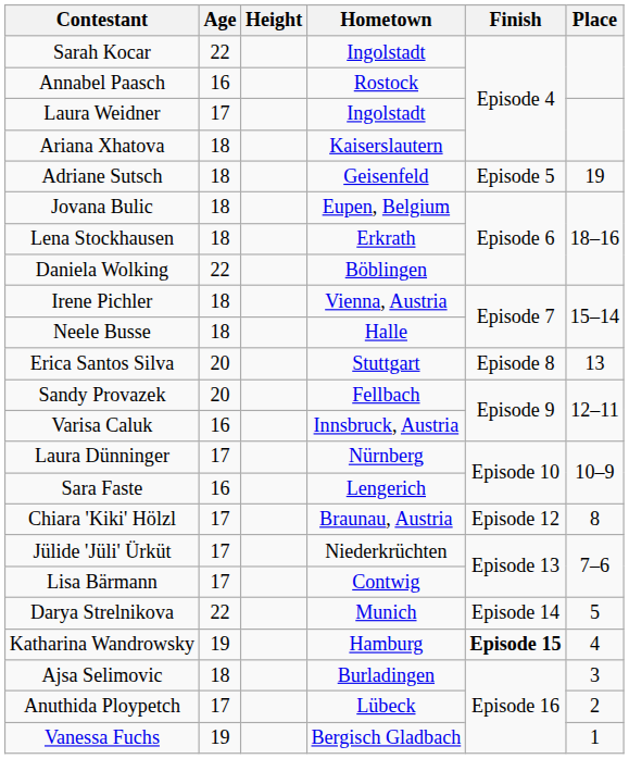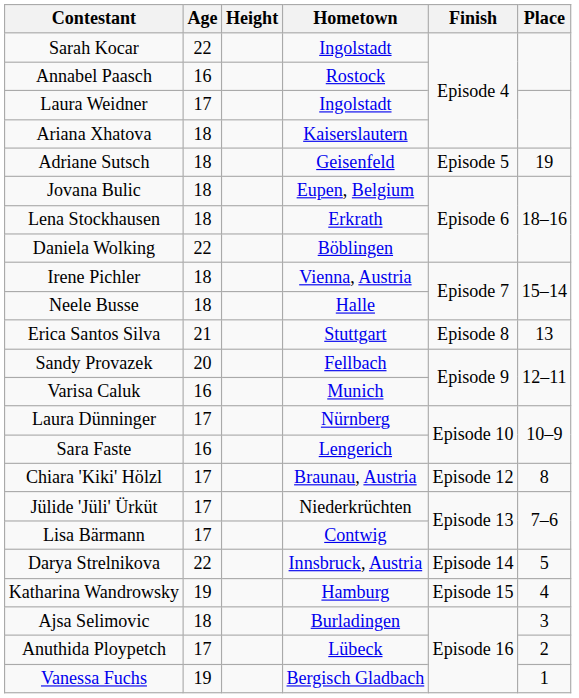 <table class="wikitable sortable" style="text-align:center;">
 <tr>
 <th>Contestant</th>
 <th>Age</th>
 <th>Height</th>
 <th>Hometown</th>
 <th>Finish</th>
 <th>Place</th>
 </tr>
 <tr>
 <td>Sarah Kocar</td>
 <td>22</td>
 <td></td>
 <td><a href='#'>Ingolstadt</a></td>
 <td rowspan="4">Episode 4</td>
 <td rowspan="2"></td>
 </tr>
 <tr>
 <td>Annabel Paasch</td>
 <td>16</td>
 <td></td>
 <td><a href='#'>Rostock</a></td>
 </tr>
 <tr>
 <td>Laura Weidner</td>
 <td>17</td>
 <td></td>
 <td><a href='#'>Ingolstadt</a></td>
 <td rowspan="2"></td>
 </tr>
 <tr>
 <td>Ariana Xhatova</td>
 <td>18</td>
 <td></td>
 <td><a href='#'>Kaiserslautern</a></td>
 </tr>
 <tr>
 <td>Adriane Sutsch</td>
 <td>18</td>
 <td></td>
 <td><a href='#'>Geisenfeld</a></td>
 <td>Episode 5</td>
 <td>19</td>
 </tr>
 <tr>
 <td>Jovana Bulic</td>
 <td>18</td>
 <td></td>
 <td><a href='#'>Eupen</a>, <a href='#'>Belgium</a></td>
 <td rowspan="3">Episode 6</td>
 <td rowspan="3">18–16</td>
 </tr>
 <tr>
 <td>Lena Stockhausen</td>
 <td>18</td>
 <td></td>
 <td><a href='#'>Erkrath</a></td>
 </tr>
 <tr>
 <td>Daniela Wolking</td>
 <td>22</td>
 <td></td>
 <td><a href='#'>Böblingen</a></td>
 </tr>
 <tr>
 <td>Irene Pichler</td>
 <td>18</td>
 <td></td>
 <td><a href='#'>Vienna</a>, <a href='#'>Austria</a></td>
 <td rowspan="2">Episode 7</td>
 <td rowspan="2">15–14</td>
 </tr>
 <tr>
 <td>Neele Busse</td>
 <td>18</td>
 <td></td>
 <td><a href='#'>Halle</a></td>
 </tr>
 <tr>
 <td>Erica Santos Silva</td>
-<td>20</td>
+<td>21</td>
 <td></td>
 <td><a href='#'>Stuttgart</a></td>
 <td>Episode 8</td>
 <td>13</td>
 </tr>
 <tr>
 <td>Sandy Provazek</td>
 <td>20</td>
 <td></td>
 <td><a href='#'>Fellbach</a></td>
 <td rowspan="2">Episode 9</td>
 <td rowspan="2">12–11</td>
 </tr>
 <tr>
 <td>Varisa Caluk</td>
 <td>16</td>
 <td></td>
-<td><a href='#'>Innsbruck</a>, <a href='#'>Austria</a></td>
+<td><a href='#'>Munich</a></td>
 </tr>
 <tr>
 <td>Laura Dünninger</td>
 <td>17</td>
 <td></td>
 <td><a href='#'>Nürnberg</a></td>
 <td rowspan="2">Episode 10</td>
 <td rowspan="2">10–9</td>
 </tr>
 <tr>
 <td>Sara Faste</td>
 <td>16</td>
 <td></td>
 <td><a href='#'>Lengerich</a></td>
 </tr>
 <tr>
 <td>Chiara 'Kiki' Hölzl</td>
 <td>17</td>
 <td></td>
 <td><a href='#'>Braunau</a>, <a href='#'>Austria</a></td>
 <td>Episode 12</td>
 <td>8</td>
 </tr>
 <tr>
 <td>Jülide 'Jüli' Ürküt</td>
 <td>17</td>
 <td></td>
 <td>Niederkrüchten</td>
 <td rowspan="2">Episode 13</td>
 <td rowspan="2">7–6</td>
 </tr>
 <tr>
 <td>Lisa Bärmann</td>
 <td>17</td>
 <td></td>
 <td><a href='#'>Contwig</a></td>
 </tr>
 <tr>
 <td>Darya Strelnikova</td>
 <td>22</td>
 <td></td>
-<td><a href='#'>Munich</a></td>
+<td><a href='#'>Innsbruck</a>, <a href='#'>Austria</a></td>
 <td>Episode 14</td>
 <td>5</td>
 </tr>
 <tr>
 <td>Katharina Wandrowsky</td>
 <td>19</td>
 <td></td>
 <td><a href='#'>Hamburg</a></td>
-<td><strong>Episode 15</strong></td>
+<td>Episode 15</td>
 <td>4</td>
 </tr>
 <tr>
 <td>Ajsa Selimovic</td>
 <td>18</td>
 <td></td>
 <td><a href='#'>Burladingen</a></td>
 <td rowspan="3">Episode 16</td>
 <td>3</td>
 </tr>
 <tr>
 <td>Anuthida Ploypetch</td>
 <td>17</td>
 <td></td>
 <td><a href='#'>Lübeck</a></td>
 <td>2</td>
 </tr>
 <tr>
 <td><a href='#'>Vanessa Fuchs</a></td>
 <td>19</td>
 <td></td>
 <td><a href='#'>Bergisch Gladbach</a></td>
 <td>1</td>
 </tr>
 </table>
